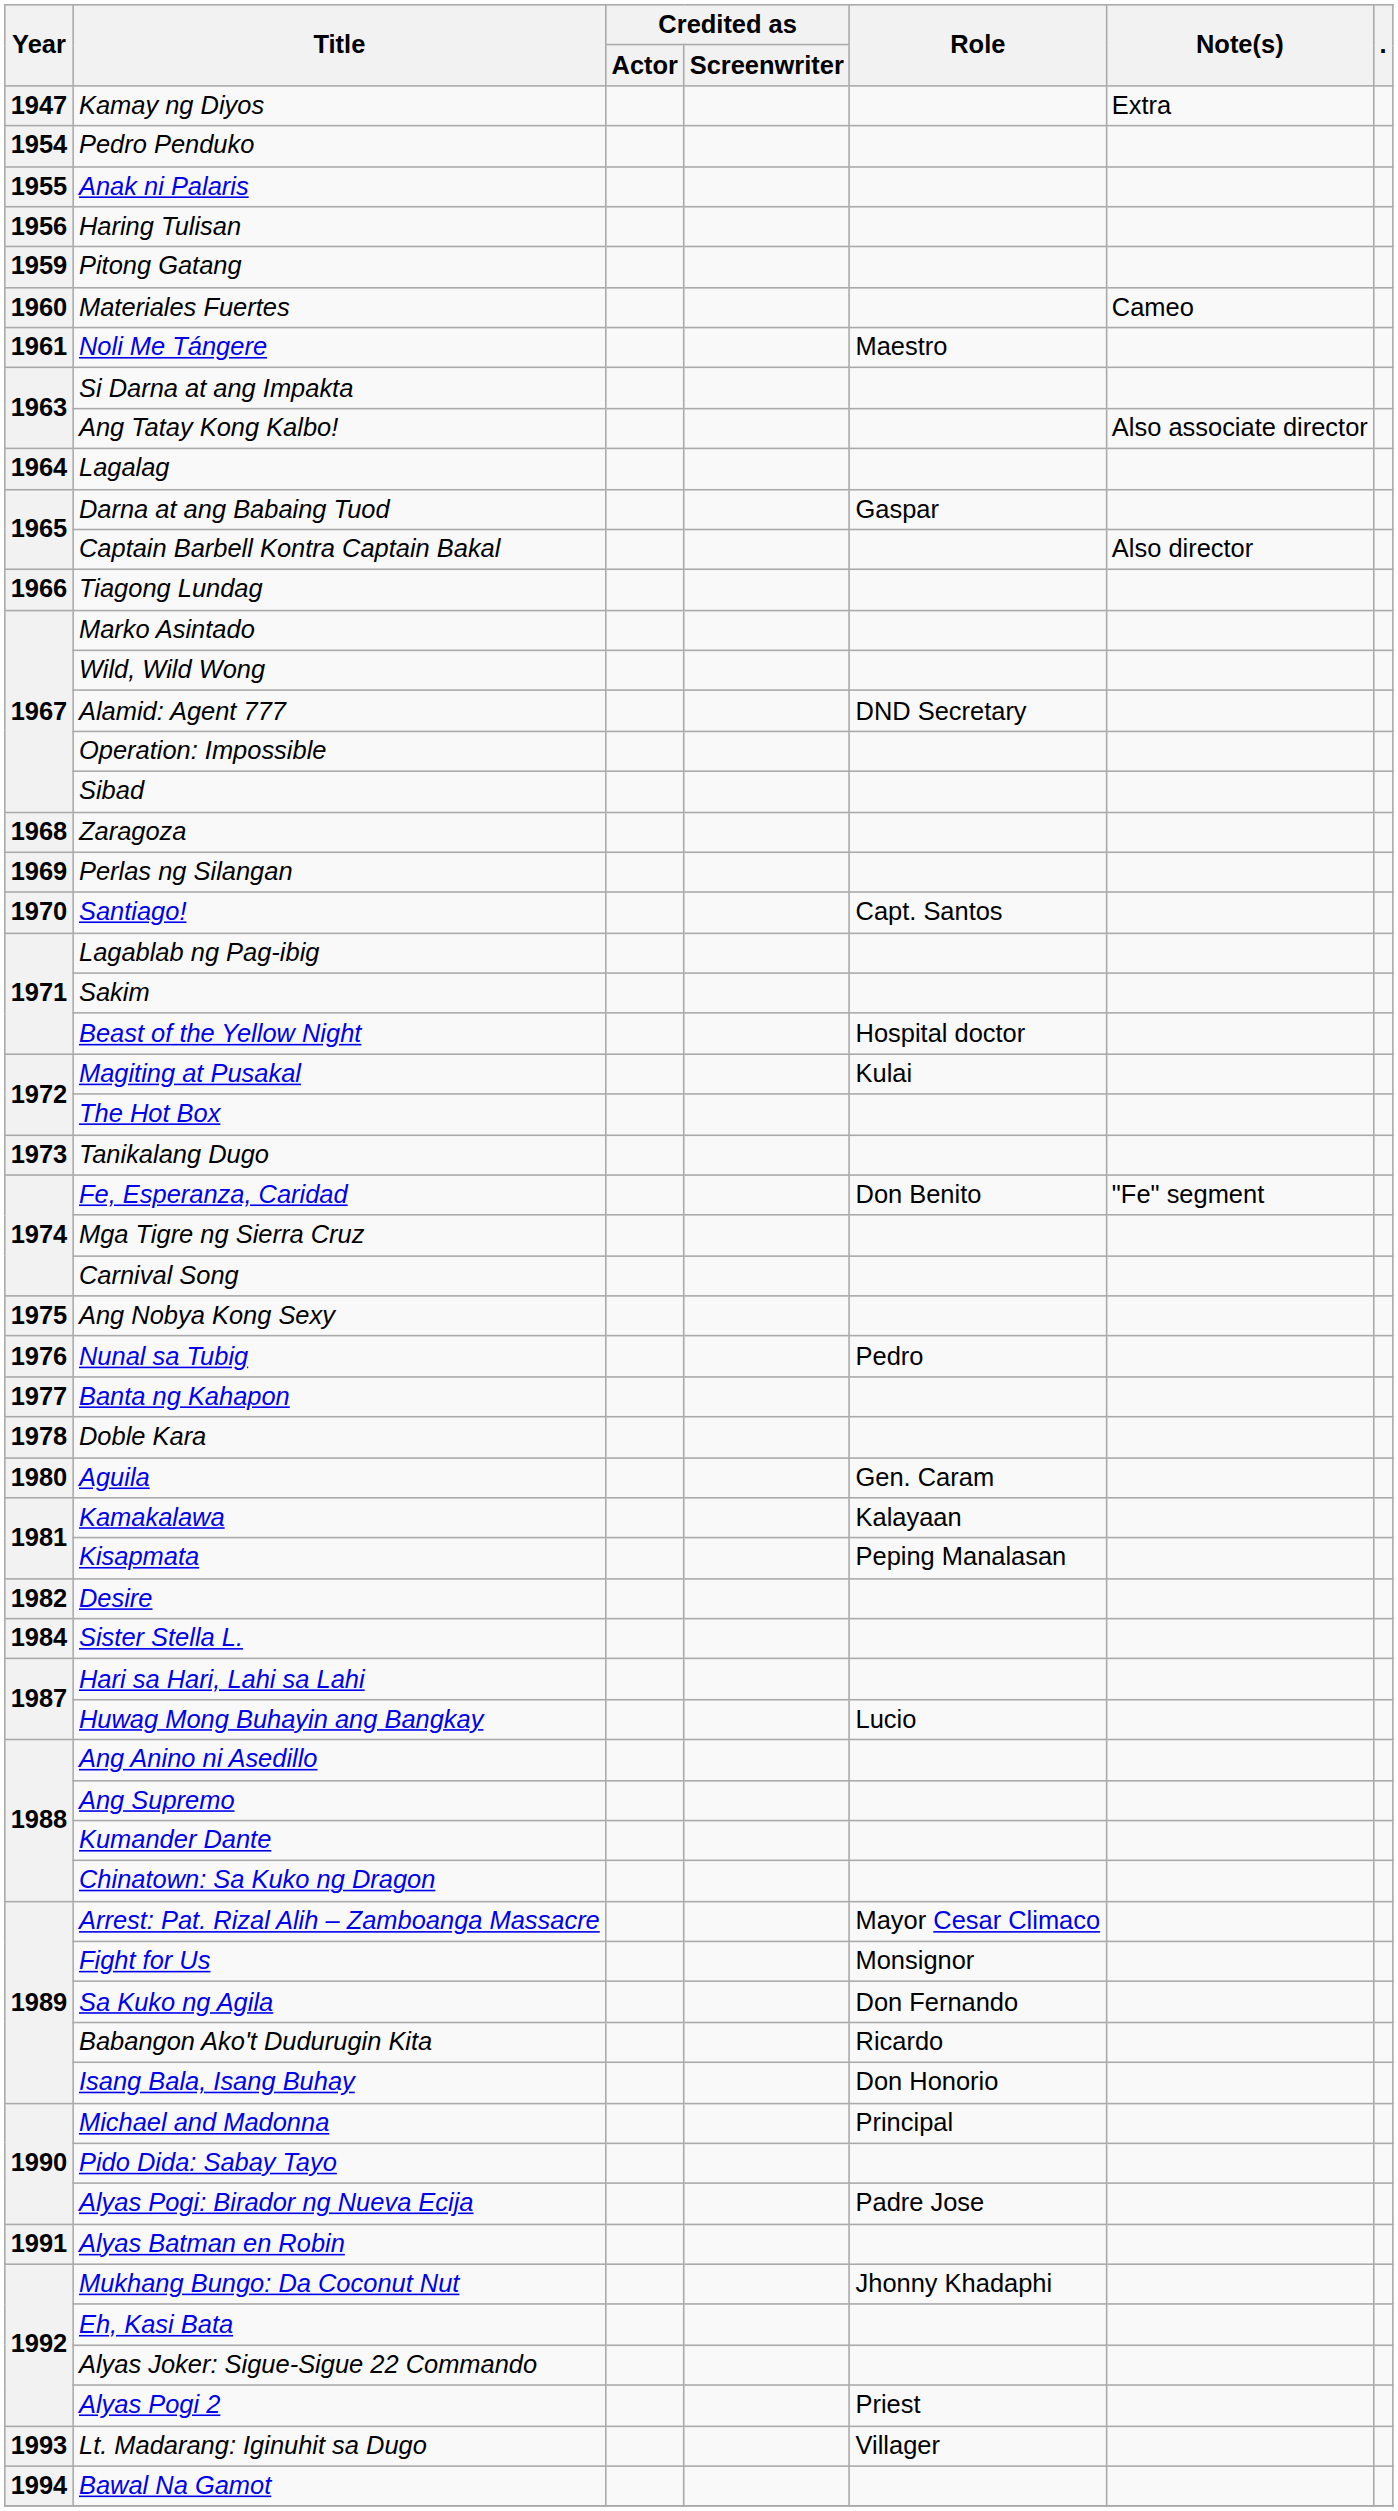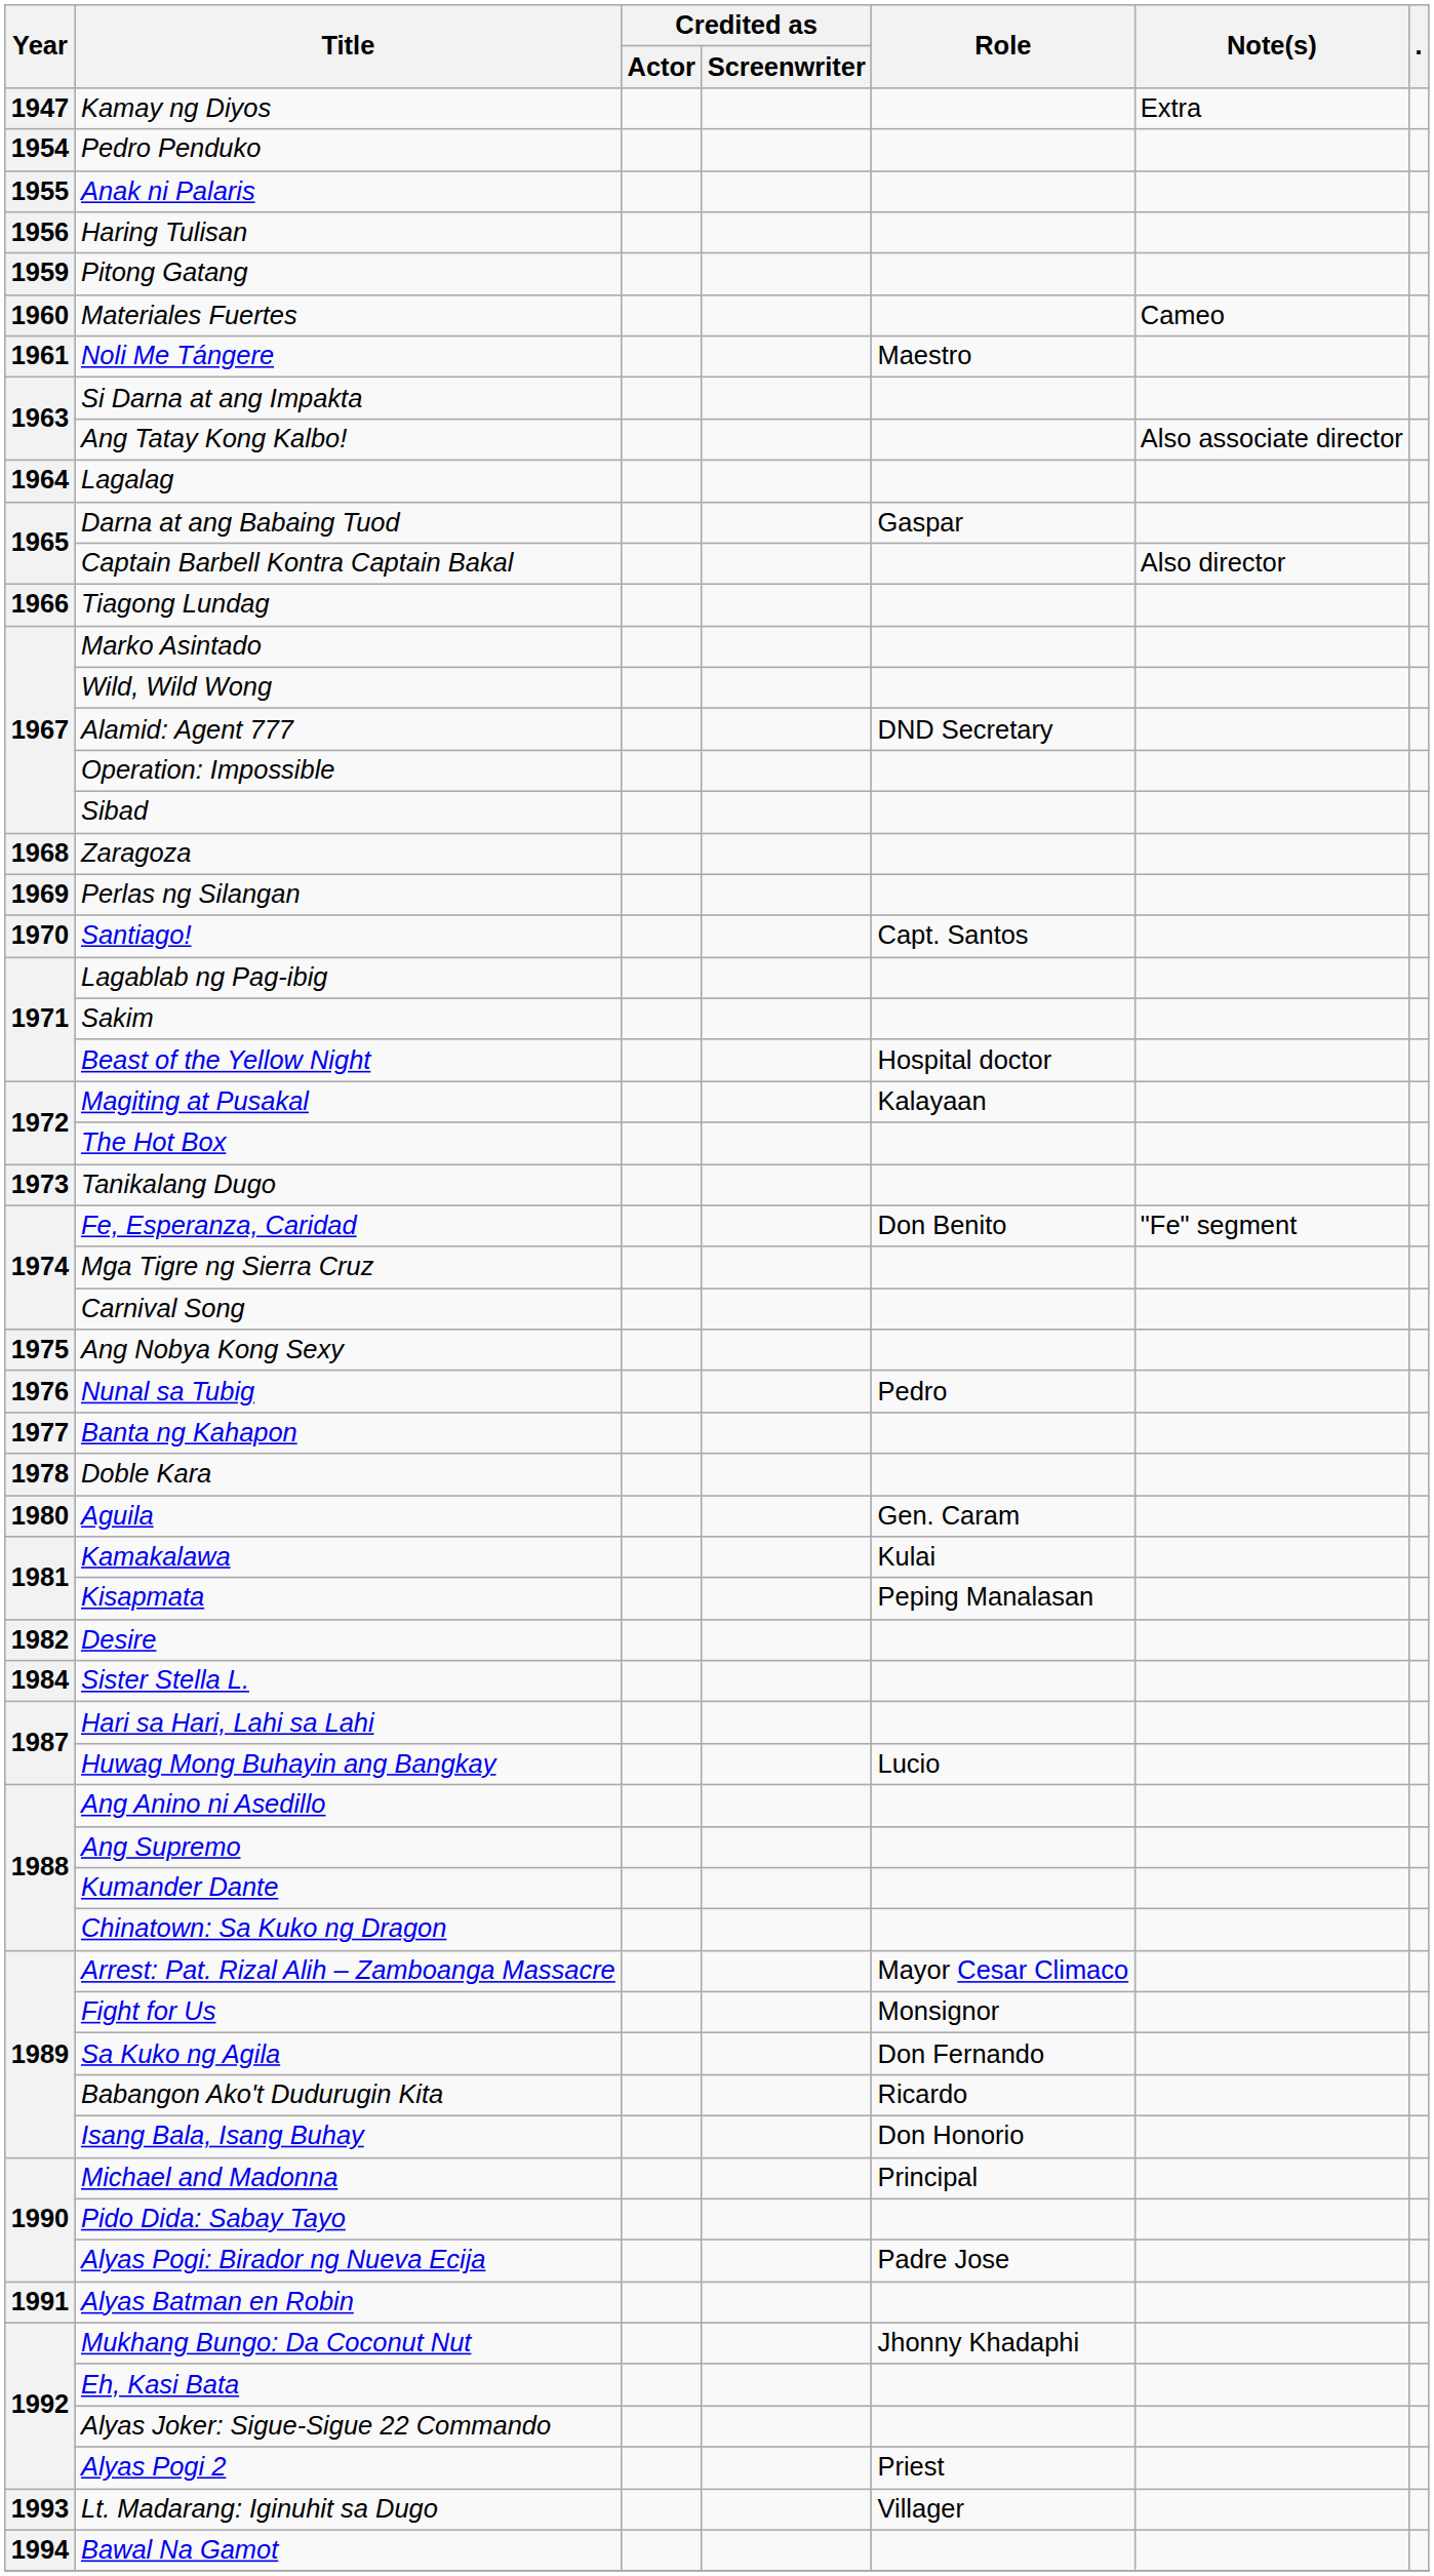 <table class="wikitable plainrowheaders sortable">
 <tr>
 <th rowspan="2" scope="col">Year</th>
 <th rowspan="2" scope="col">Title</th>
 <th colspan="2" scope="col">Credited as</th>
 <th rowspan="2" scope="col" class="unsortable">Role</th>
 <th rowspan="2" scope="col" class="unsortable">Note(s)</th>
 <th rowspan="2" scope="col" class="unsortable">.</th>
 </tr>
 <tr>
 <th scope="col">Actor</th>
 <th scope="col">Screenwriter</th>
 </tr>
 <tr>
 <th scope="row">1947</th>
 <td><em>Kamay ng Diyos</em></td>
 <td></td>
 <td></td>
 <td></td>
 <td>Extra</td>
 <td style="text-align:center;"></td>
 </tr>
 <tr>
 <th scope="row">1954</th>
 <td><em>Pedro Penduko</em></td>
 <td></td>
 <td></td>
 <td></td>
 <td></td>
 <td style="text-align:center;"></td>
 </tr>
 <tr>
 <th scope="row">1955</th>
 <td><em><a href='#'>Anak ni Palaris</a></em></td>
 <td></td>
 <td></td>
 <td></td>
 <td></td>
 <td style="text-align:center;"></td>
 </tr>
 <tr>
 <th scope="row">1956</th>
 <td><em>Haring Tulisan</em></td>
 <td></td>
 <td></td>
 <td></td>
 <td></td>
 <td style="text-align:center;"></td>
 </tr>
 <tr>
 <th scope="row">1959</th>
 <td><em>Pitong Gatang</em></td>
 <td></td>
 <td></td>
 <td></td>
 <td></td>
 <td style="text-align:center;"></td>
 </tr>
 <tr>
 <th scope="row">1960</th>
 <td><em>Materiales Fuertes</em></td>
 <td></td>
 <td></td>
 <td></td>
 <td>Cameo</td>
 <td style="text-align:center;"></td>
 </tr>
 <tr>
 <th scope="row">1961</th>
 <td><em><a href='#'>Noli Me Tángere</a></em></td>
 <td></td>
 <td></td>
 <td>Maestro</td>
 <td></td>
 <td style="text-align:center;"></td>
 </tr>
 <tr>
 <th rowspan="2" scope="row">1963</th>
 <td><em>Si Darna at ang Impakta</em></td>
 <td></td>
 <td></td>
 <td></td>
 <td></td>
 <td style="text-align:center;"></td>
 </tr>
 <tr>
 <td><em>Ang Tatay Kong Kalbo!</em> </td>
 <td></td>
 <td></td>
 <td></td>
 <td>Also associate director</td>
 <td style="text-align:center;"></td>
 </tr>
 <tr>
 <th scope="row">1964</th>
 <td><em>Lagalag</em> </td>
 <td></td>
 <td></td>
 <td></td>
 <td></td>
 <td style="text-align:center;"></td>
 </tr>
 <tr>
 <th rowspan="2" scope="row">1965</th>
 <td><em>Darna at ang Babaing Tuod</em></td>
 <td></td>
 <td></td>
 <td>Gaspar</td>
 <td></td>
 <td style="text-align:center;"></td>
 </tr>
 <tr>
 <td><em>Captain Barbell Kontra Captain Bakal</em></td>
 <td></td>
 <td></td>
 <td></td>
 <td>Also director</td>
 <td style="text-align:center;"></td>
 </tr>
 <tr>
 <th scope="row">1966</th>
 <td><em>Tiagong Lundag</em></td>
 <td></td>
 <td></td>
 <td></td>
 <td></td>
 <td style="text-align:center;"></td>
 </tr>
 <tr>
 <th rowspan="5" scope="row">1967</th>
 <td><em>Marko Asintado</em></td>
 <td></td>
 <td></td>
 <td></td>
 <td></td>
 <td style="text-align:center;"></td>
 </tr>
 <tr>
 <td><em>Wild, Wild Wong</em></td>
 <td></td>
 <td></td>
 <td></td>
 <td></td>
 <td style="text-align:center;"></td>
 </tr>
 <tr>
 <td><em>Alamid: Agent 777</em></td>
 <td></td>
 <td></td>
 <td>DND Secretary</td>
 <td></td>
 <td style="text-align:center;"></td>
 </tr>
 <tr>
 <td><em>Operation: Impossible</em></td>
 <td></td>
 <td></td>
 <td></td>
 <td></td>
 <td style="text-align:center;"></td>
 </tr>
 <tr>
 <td><em>Sibad</em></td>
 <td></td>
 <td></td>
 <td></td>
 <td></td>
 <td style="text-align:center;"></td>
 </tr>
 <tr>
 <th scope="row">1968</th>
 <td><em>Zaragoza</em></td>
 <td></td>
 <td></td>
 <td></td>
 <td></td>
 <td style="text-align:center;"></td>
 </tr>
 <tr>
 <th scope="row">1969</th>
 <td><em>Perlas ng Silangan</em></td>
 <td></td>
 <td></td>
 <td></td>
 <td></td>
 <td style="text-align:center;"></td>
 </tr>
 <tr>
 <th scope="row">1970</th>
 <td><em><a href='#'>Santiago!</a></em></td>
 <td></td>
 <td></td>
 <td>Capt. Santos</td>
 <td></td>
 <td style="text-align:center;"></td>
 </tr>
 <tr>
 <th rowspan="3" scope="row">1971</th>
 <td><em>Lagablab ng Pag-ibig</em></td>
 <td></td>
 <td></td>
 <td></td>
 <td></td>
 <td style="text-align:center;"></td>
 </tr>
 <tr>
 <td><em>Sakim</em></td>
 <td></td>
 <td></td>
 <td></td>
 <td></td>
 <td style="text-align:center;"></td>
 </tr>
 <tr>
 <td><em><a href='#'>Beast of the Yellow Night</a></em></td>
 <td></td>
 <td></td>
 <td>Hospital doctor</td>
 <td></td>
 <td style="text-align:center;"></td>
 </tr>
 <tr>
 <th rowspan="2" scope="row">1972</th>
 <td><em><a href='#'>Magiting at Pusakal</a></em></td>
 <td></td>
 <td></td>
-<td>Kulai</td>
+<td>Kalayaan</td>
 <td></td>
 <td style="text-align:center;"></td>
 </tr>
 <tr>
 <td><em><a href='#'>The Hot Box</a></em></td>
 <td></td>
 <td></td>
 <td></td>
 <td></td>
 <td style="text-align:center;"></td>
 </tr>
 <tr>
 <th scope="row">1973</th>
 <td><em>Tanikalang Dugo</em></td>
 <td></td>
 <td></td>
 <td></td>
 <td></td>
 <td style="text-align:center;"></td>
 </tr>
 <tr>
 <th rowspan="3" scope="row">1974</th>
 <td><em><a href='#'>Fe, Esperanza, Caridad</a></em></td>
 <td></td>
 <td></td>
 <td>Don Benito</td>
 <td>"Fe" segment</td>
 <td style="text-align:center;"></td>
 </tr>
 <tr>
 <td><em>Mga Tigre ng Sierra Cruz</em></td>
 <td></td>
 <td></td>
 <td></td>
 <td></td>
 <td style="text-align:center;"></td>
 </tr>
 <tr>
 <td><em>Carnival Song</em></td>
 <td></td>
 <td></td>
 <td></td>
 <td></td>
 <td style="text-align:center;"></td>
 </tr>
 <tr>
 <th scope="row">1975</th>
 <td><em>Ang Nobya Kong Sexy</em></td>
 <td></td>
 <td></td>
 <td></td>
 <td></td>
 <td style="text-align:center;"></td>
 </tr>
 <tr>
 <th scope="row">1976</th>
 <td><em><a href='#'>Nunal sa Tubig</a></em></td>
 <td></td>
 <td></td>
 <td>Pedro</td>
 <td></td>
 <td style="text-align:center;"></td>
 </tr>
 <tr>
 <th scope="row">1977</th>
 <td><em><a href='#'>Banta ng Kahapon</a></em></td>
 <td></td>
 <td></td>
 <td></td>
 <td></td>
 <td style="text-align:center;"></td>
 </tr>
 <tr>
 <th scope="row">1978</th>
 <td><em>Doble Kara</em></td>
 <td></td>
 <td></td>
 <td></td>
 <td></td>
 <td style="text-align:center;"></td>
 </tr>
 <tr>
 <th scope="row">1980</th>
 <td><em><a href='#'>Aguila</a></em></td>
 <td></td>
 <td></td>
 <td>Gen. Caram</td>
 <td></td>
 <td style="text-align:center;"></td>
 </tr>
 <tr>
 <th rowspan="2" scope="row">1981</th>
 <td><em><a href='#'>Kamakalawa</a></em></td>
 <td></td>
 <td></td>
-<td>Kalayaan</td>
+<td>Kulai</td>
 <td></td>
 <td style="text-align:center;"></td>
 </tr>
 <tr>
 <td><em><a href='#'>Kisapmata</a></em></td>
 <td></td>
 <td></td>
 <td>Peping Manalasan</td>
 <td></td>
 <td style="text-align:center;"></td>
 </tr>
 <tr>
 <th scope="row">1982</th>
 <td><em><a href='#'>Desire</a></em></td>
 <td></td>
 <td></td>
 <td></td>
 <td></td>
 <td style="text-align:center;"></td>
 </tr>
 <tr>
 <th scope="row">1984</th>
 <td><em><a href='#'>Sister Stella L.</a></em></td>
 <td></td>
 <td></td>
 <td></td>
 <td></td>
 <td style="text-align:center;"></td>
 </tr>
 <tr>
 <th rowspan="2" scope="row">1987</th>
 <td><em><a href='#'>Hari sa Hari, Lahi sa Lahi</a></em></td>
 <td></td>
 <td></td>
 <td></td>
 <td></td>
 <td style="text-align:center;"></td>
 </tr>
 <tr>
 <td><em><a href='#'>Huwag Mong Buhayin ang Bangkay</a></em></td>
 <td></td>
 <td></td>
 <td>Lucio</td>
 <td></td>
 <td style="text-align:center;"></td>
 </tr>
 <tr>
 <th rowspan="4" scope="row">1988</th>
 <td><em><a href='#'>Ang Anino ni Asedillo</a></em></td>
 <td></td>
 <td></td>
 <td></td>
 <td></td>
 <td style="text-align:center;"></td>
 </tr>
 <tr>
 <td><em><a href='#'>Ang Supremo</a></em></td>
 <td></td>
 <td></td>
 <td></td>
 <td></td>
 <td style="text-align:center;"></td>
 </tr>
 <tr>
 <td><em><a href='#'>Kumander Dante</a></em></td>
 <td></td>
 <td></td>
 <td></td>
 <td></td>
 <td style="text-align:center;"></td>
 </tr>
 <tr>
 <td><em><a href='#'>Chinatown: Sa Kuko ng Dragon</a></em></td>
 <td></td>
 <td></td>
 <td></td>
 <td></td>
 <td style="text-align:center;"></td>
 </tr>
 <tr>
 <th rowspan="5" scope="row">1989</th>
 <td><em><a href='#'>Arrest: Pat. Rizal Alih – Zamboanga Massacre</a></em></td>
 <td></td>
 <td></td>
 <td>Mayor <a href='#'>Cesar Climaco</a></td>
 <td></td>
 <td style="text-align:center;"></td>
 </tr>
 <tr>
 <td><em><a href='#'>Fight for Us</a></em></td>
 <td></td>
 <td></td>
 <td>Monsignor</td>
 <td></td>
 <td style="text-align:center;"></td>
 </tr>
 <tr>
 <td><em><a href='#'>Sa Kuko ng Agila</a></em></td>
 <td></td>
 <td></td>
 <td>Don Fernando</td>
 <td></td>
 <td style="text-align:center;"></td>
 </tr>
 <tr>
 <td><em>Babangon Ako't Dudurugin Kita</em></td>
 <td></td>
 <td></td>
 <td>Ricardo</td>
 <td></td>
 <td style="text-align:center;"></td>
 </tr>
 <tr>
 <td><em><a href='#'>Isang Bala, Isang Buhay</a></em></td>
 <td></td>
 <td></td>
 <td>Don Honorio</td>
 <td></td>
 <td style="text-align:center;"></td>
 </tr>
 <tr>
 <th rowspan="3" scope="row">1990</th>
 <td><em><a href='#'>Michael and Madonna</a></em></td>
 <td></td>
 <td></td>
 <td>Principal</td>
 <td></td>
 <td style="text-align:center;"></td>
 </tr>
 <tr>
 <td><em><a href='#'>Pido Dida: Sabay Tayo</a></em></td>
 <td></td>
 <td></td>
 <td></td>
 <td></td>
 <td style="text-align:center;"></td>
 </tr>
 <tr>
 <td><em><a href='#'>Alyas Pogi: Birador ng Nueva Ecija</a></em></td>
 <td></td>
 <td></td>
 <td>Padre Jose</td>
 <td></td>
 <td style="text-align:center;"></td>
 </tr>
 <tr>
 <th scope="row">1991</th>
 <td><em><a href='#'>Alyas Batman en Robin</a></em></td>
 <td></td>
 <td></td>
 <td></td>
 <td></td>
 <td style="text-align:center;"></td>
 </tr>
 <tr>
 <th rowspan="4" scope="row">1992</th>
 <td><em><a href='#'>Mukhang Bungo: Da Coconut Nut</a></em></td>
 <td></td>
 <td></td>
 <td>Jhonny Khadaphi</td>
 <td></td>
 <td style="text-align:center;"></td>
 </tr>
 <tr>
 <td><em><a href='#'>Eh, Kasi Bata</a></em></td>
 <td></td>
 <td></td>
 <td></td>
 <td></td>
 <td style="text-align:center;"></td>
 </tr>
 <tr>
 <td><em>Alyas Joker: Sigue-Sigue 22 Commando</em> </td>
 <td></td>
 <td></td>
 <td></td>
 <td></td>
 <td style="text-align:center;"></td>
 </tr>
 <tr>
 <td><em><a href='#'>Alyas Pogi 2</a></em> </td>
 <td></td>
 <td></td>
 <td>Priest</td>
 <td></td>
 <td style="text-align:center;"></td>
 </tr>
 <tr>
 <th scope="row">1993</th>
 <td><em>Lt. Madarang: Iginuhit sa Dugo</em></td>
 <td></td>
 <td></td>
 <td>Villager</td>
 <td></td>
 <td style="text-align:center;"></td>
 </tr>
 <tr>
 <th scope="row">1994</th>
 <td><em><a href='#'>Bawal Na Gamot</a></em></td>
 <td></td>
 <td></td>
 <td></td>
 <td></td>
 <td style="text-align:center;"></td>
 </tr>
 <tr>
 </tr>
 </table>
